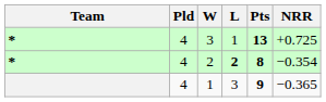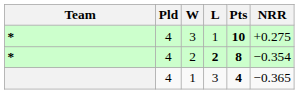 <table class="wikitable plainrowheaders" style="text-align:center;">
 <tr>
 <th scope="col" width=175>Team</th>
 <th scope="col" width=20 abbr="Played">Pld</th>
 <th scope="col" width=20 abbr="Won">W</th>
 <th scope="col" width=20 abbr="Lost">L</th>
 <th scope="col" width=20 abbr="Points">Pts</th>
 <th scope="col" width=20 abbr="Net run rate">NRR</th>
 </tr>
 <tr style="background:#ccffcc;">
 <th scope="row" style="text-align:left; background:#ccffcc;">*</th>
 <td>4</td>
 <td>3</td>
 <td>1</td>
-<td><strong>13</strong></td>
-<td>+0.725</td>
+<td><strong>10</strong></td>
+<td>+0.275</td>
 </tr>
 <tr style="background:#ccffcc;">
 <th scope="row" style="text-align:left; background:#ccffcc;">*</th>
 <td>4</td>
 <td>2</td>
 <td><strong>2</strong></td>
 <td><strong>8</strong></td>
 <td>−0.354</td>
 </tr>
 <tr>
 <th scope="row" style="text-align:left;"></th>
 <td>4</td>
 <td>1</td>
 <td>3</td>
-<td><strong>9</strong></td>
+<td><strong>4</strong></td>
 <td>−0.365</td>
 </tr>
 </table>
